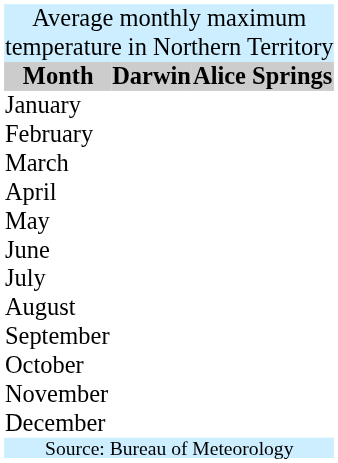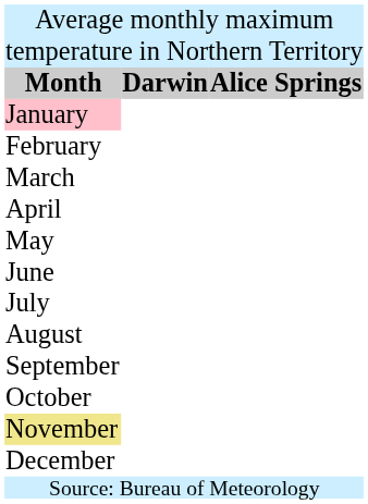 <table class="toccolours" cellpadding="0" cellspacing="0" style="float:right; margin-right:.5em; margin-left:.50em; margin-top:.4em; font-size:90%;">
 <tr>
 <td colspan="5" style="background:#cef; text-align:center;">Average monthly maximum<br>temperature in Northern Territory</td>
 </tr>
 <tr style="background:#ccc; vertical-align:top;">
 <th>Month</th>
 <th>Darwin</th>
 <th>Alice Springs</th>
 </tr>
 <tr>
-<td style="text-align:left;">January</td>
+<td style="background: pink; text-align:left;">January</td>
 <td style="text-align:center;"></td>
 <td style="text-align:center;"></td>
 </tr>
 <tr>
 <td style="text-align:left;">February</td>
 <td style="text-align:center;"></td>
 <td style="text-align:center;"></td>
 </tr>
 <tr>
 <td style="text-align:left;">March</td>
 <td style="text-align:center;"></td>
 <td style="text-align:center;"></td>
 </tr>
 <tr>
 <td style="text-align:left;">April</td>
 <td style="text-align:center;"></td>
 <td style="text-align:center;"></td>
 </tr>
 <tr>
 <td style="text-align:left;">May</td>
 <td style="text-align:center;"></td>
 <td style="text-align:center;"></td>
 </tr>
 <tr>
 <td style="text-align:left;">June</td>
 <td style="text-align:center;"></td>
 <td style="text-align:center;"></td>
 </tr>
 <tr>
 <td style="text-align:left;">July</td>
 <td style="text-align:center;"></td>
 <td style="text-align:center;"></td>
 </tr>
 <tr>
 <td style="text-align:left;">August</td>
 <td style="text-align:center;"></td>
 <td style="text-align:center;"></td>
 </tr>
 <tr>
 <td style="text-align:left;">September</td>
 <td style="text-align:center;"></td>
 <td style="text-align:center;"></td>
 </tr>
 <tr>
 <td style="text-align:left;">October</td>
 <td style="text-align:center;"></td>
 <td style="text-align:center;"></td>
 </tr>
 <tr>
-<td style="text-align:left;">November</td>
+<td style="background: khaki; text-align:left;">November</td>
 <td style="text-align:center;"></td>
 <td style="text-align:center;"></td>
 </tr>
 <tr>
 <td style="text-align:left;">December</td>
 <td style="text-align:center;"></td>
 <td style="text-align:center;"></td>
 </tr>
 <tr>
 <td colspan="5" style="font-size:80%; background:#cef; text-align:center;">Source: Bureau of Meteorology</td>
 </tr>
 </table>
